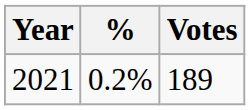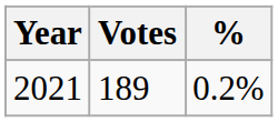 <table class="wikitable" style="display: inline-table;">
 <tr>
 <th>Year</th>
+<th>Votes</th>
 <th>%</th>
-<th>Votes</th>
 </tr>
 <tr>
 <td>2021</td>
+<td>189</td>
 <td>0.2%</td>
-<td>189</td>
 </tr>
 </table>
